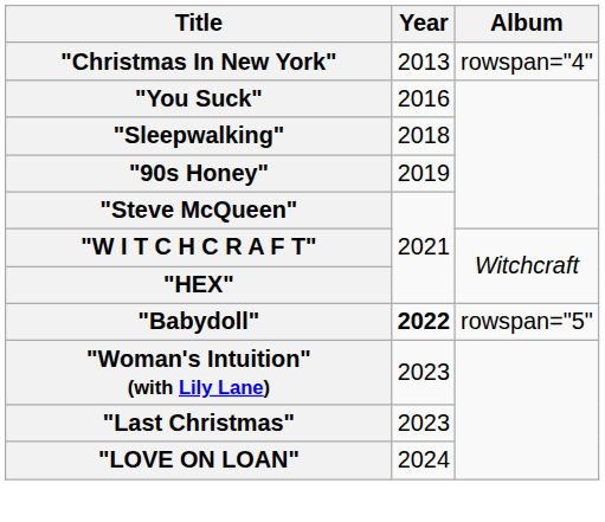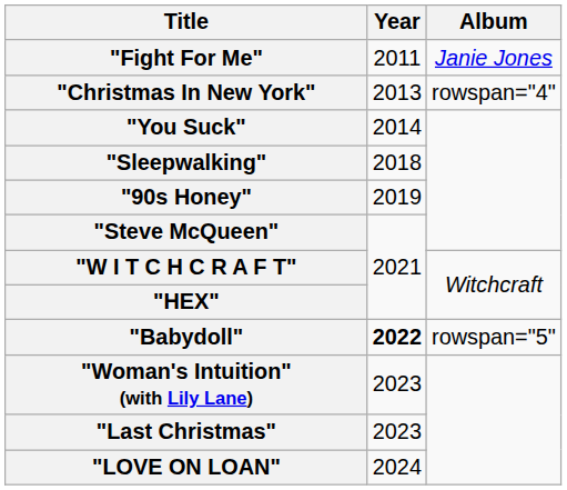 <table class="wikitable plainrowheaders" style="text-align:center">
 <tr>
 <th scope="col" style="width:16em;">Title</th>
 <th scope="col">Year</th>
 <th scope="col">Album</th>
+</tr>
+<tr>
+<th scope="row">"Fight For Me"</th>
+<td>2011</td>
+<td><em><a href='#'>Janie Jones</a></em></td>
 </tr>
 <tr>
 <th scope="row">"Christmas In New York"</th>
 <td>2013</td>
 <td>rowspan="4" </td>
 </tr>
 <tr>
 <th scope="row">"You Suck"</th>
-<td>2016</td>
+<td>2014</td>
 </tr>
 <tr>
 <th scope="row">"Sleepwalking"</th>
 <td>2018</td>
 </tr>
 <tr>
 <th scope="row">"90s Honey"</th>
 <td>2019</td>
 </tr>
 <tr>
 <th scope="row">"Steve McQueen"</th>
 <td rowspan="3">2021</td>
 </tr>
 <tr>
 <th scope="row">"W I T C H C R A F T"</th>
 <td rowspan="2"><em>Witchcraft</em></td>
 </tr>
 <tr>
 <th scope="row">"HEX"</th>
 </tr>
 <tr>
 <th scope="row">"Babydoll"</th>
 <td><strong>2022</strong></td>
 <td>rowspan="5" </td>
 </tr>
 <tr>
 <th scope="row">"Woman's Intuition"<br><small>(with <a href='#'>Lily Lane</a>)</small></th>
 <td>2023</td>
 </tr>
 <tr>
 <th scope="row">"Last Christmas"</th>
 <td>2023</td>
 </tr>
 <tr>
 <th scope="row">"LOVE ON LOAN"</th>
 <td>2024</td>
 </tr>
 </table>
